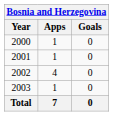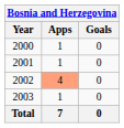 <table class="wikitable" style="text-align:center">
 <tr>
 <th colspan=3><a href='#'>Bosnia and Herzegovina</a></th>
 </tr>
 <tr>
 <th>Year</th>
 <th>Apps</th>
 <th>Goals</th>
 </tr>
 <tr>
 <td>2000</td>
 <td>1</td>
 <td>0</td>
 </tr>
 <tr>
 <td>2001</td>
 <td>1</td>
 <td>0</td>
 </tr>
 <tr>
 <td>2002</td>
-<td>4</td>
+<td style="background: lightsalmon;">4</td>
 <td>0</td>
 </tr>
 <tr>
 <td>2003</td>
 <td>1</td>
 <td>0</td>
 </tr>
 <tr>
 <th>Total</th>
 <th>7</th>
 <th>0</th>
 </tr>
 </table>
